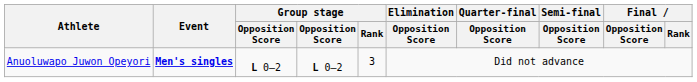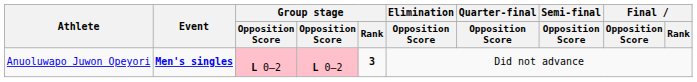 <table class="wikitable" style="font-size:90%">
 <tr>
 <th rowspan="2">Athlete</th>
 <th rowspan="2">Event</th>
 <th colspan="3">Group stage</th>
 <th>Elimination</th>
 <th>Quarter-final</th>
 <th>Semi-final</th>
 <th colspan="2">Final / </th>
 </tr>
 <tr style="font-size:95%">
 <th>Opposition<br>Score</th>
 <th>Opposition<br>Score</th>
 <th>Rank</th>
 <th>Opposition<br>Score</th>
 <th>Opposition<br>Score</th>
 <th>Opposition<br>Score</th>
 <th>Opposition<br>Score</th>
 <th>Rank</th>
 </tr>
 <tr align="center">
 <td align="left"><a href='#'>Anuoluwapo Juwon Opeyori</a></td>
 <td align="left"><strong><a href='#'>Men's singles</a></strong></td>
-<td><br><strong>L</strong> 0–2</td>
-<td><br><strong>L</strong> 0–2</td>
-<td>3</td>
+<td style="background: pink;"><br><strong>L</strong> 0–2</td>
+<td style="background: pink;"><br><strong>L</strong> 0–2</td>
+<td><strong>3</strong></td>
 <td colspan=6>Did not advance</td>
 </tr>
 </table>
